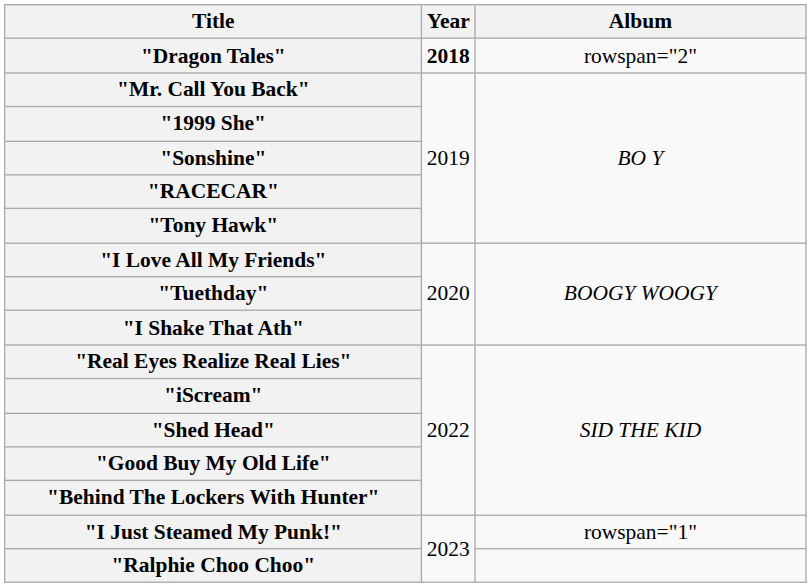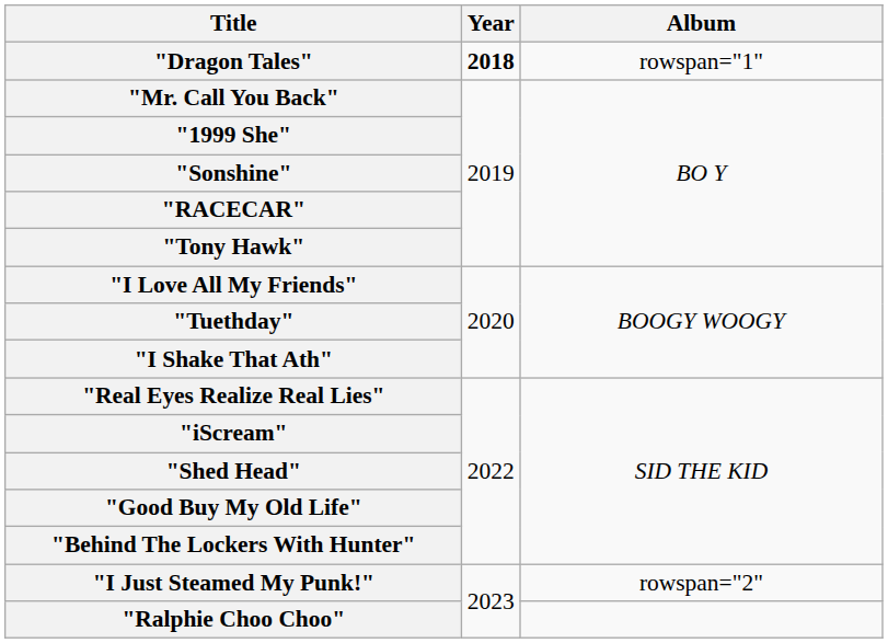 <table class="wikitable plainrowheaders" style="text-align:center;">
 <tr>
 <th scope="col" style="width:19em;">Title</th>
 <th scope="col" style="width:1em;">Year</th>
 <th scope="col" style="width:15em;">Album</th>
 </tr>
 <tr>
 <th scope="row">"Dragon Tales"</th>
 <td rowspan="1"><strong>2018</strong></td>
-<td>rowspan="2" </td>
+<td>rowspan="1" </td>
 </tr>
 <tr>
 <th scope="row">"Mr. Call You Back"<br></th>
 <td rowspan="5">2019</td>
 <td rowspan="5"><em>BO Y</em></td>
 </tr>
 <tr>
 <th scope="row">"1999 She"</th>
 </tr>
 <tr>
 <th scope="row">"Sonshine"<br></th>
 </tr>
 <tr>
 <th scope="row">"RACECAR"<br></th>
 </tr>
 <tr>
 <th scope="row">"Tony Hawk"<br></th>
 </tr>
 <tr>
 <th scope="row">"I Love All My Friends"</th>
 <td rowspan="3">2020</td>
 <td rowspan="3"><em>BOOGY WOOGY</em></td>
 </tr>
 <tr>
 <th scope="row">"Tuethday"</th>
 </tr>
 <tr>
 <th scope="row">"I Shake That Ath"</th>
 </tr>
 <tr>
 <th scope="row">"Real Eyes Realize Real Lies"</th>
 <td rowspan="5">2022</td>
 <td rowspan="5"><em>SID THE KID</em></td>
 </tr>
 <tr>
 <th scope="row">"iScream"<br></th>
 </tr>
 <tr>
 <th scope="row">"Shed Head"</th>
 </tr>
 <tr>
 <th scope="row">"Good Buy My Old Life"<br></th>
 </tr>
 <tr>
 <th scope="row">"Behind The Lockers With Hunter"</th>
 </tr>
 <tr>
 <th scope="row">"I Just Steamed My Punk!"</th>
 <td rowspan="2">2023</td>
-<td>rowspan="1" </td>
+<td>rowspan="2" </td>
 </tr>
 <tr>
 <th scope="row">"Ralphie Choo Choo"</th>
 </tr>
 </table>
